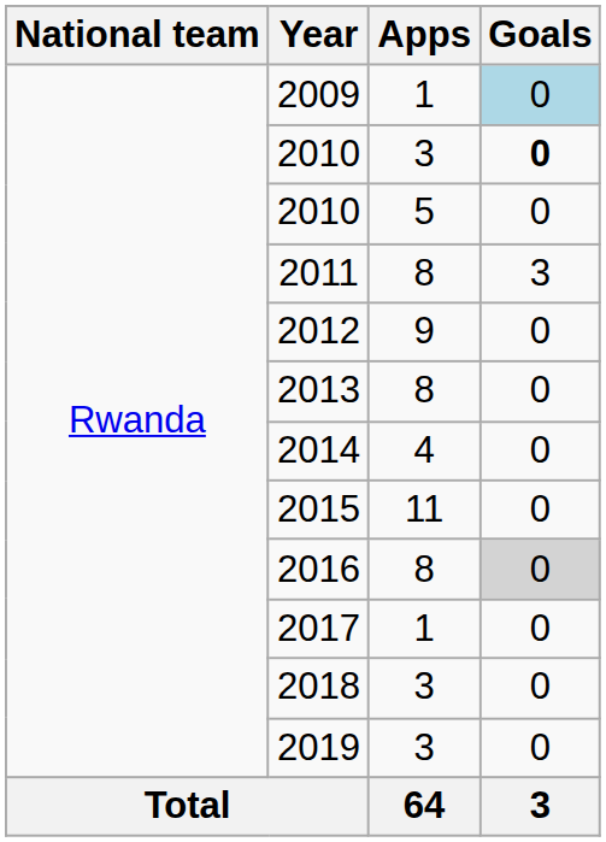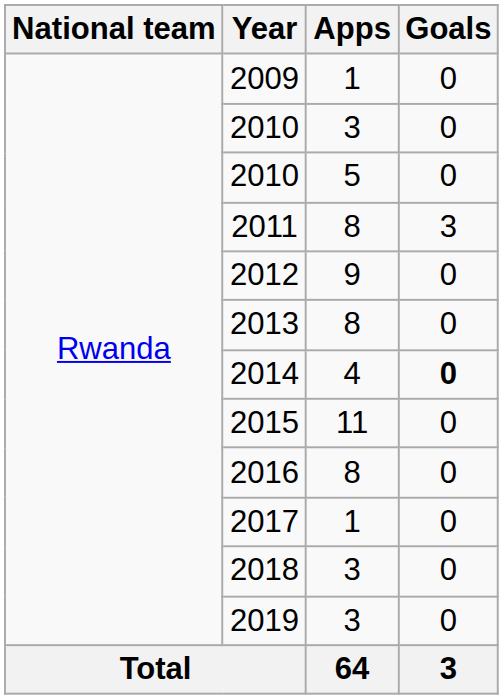 <table class="wikitable" style="text-align:center">
 <tr>
 <th>National team</th>
 <th>Year</th>
 <th>Apps</th>
 <th>Goals</th>
 </tr>
 <tr>
 <td rowspan="12"><a href='#'>Rwanda</a></td>
 <td>2009</td>
 <td>1</td>
-<td style="background: lightblue;">0</td>
+<td>0</td>
 </tr>
 <tr>
 <td>2010</td>
 <td>3</td>
-<td><strong>0</strong></td>
+<td>0</td>
 </tr>
 <tr>
 <td>2010</td>
 <td>5</td>
 <td>0</td>
 </tr>
 <tr>
 <td>2011</td>
 <td>8</td>
 <td>3</td>
 </tr>
 <tr>
 <td>2012</td>
 <td>9</td>
 <td>0</td>
 </tr>
 <tr>
 <td>2013</td>
 <td>8</td>
 <td>0</td>
 </tr>
 <tr>
 <td>2014</td>
 <td>4</td>
-<td>0</td>
+<td><strong>0</strong></td>
 </tr>
 <tr>
 <td>2015</td>
 <td>11</td>
 <td>0</td>
 </tr>
 <tr>
 <td>2016</td>
 <td>8</td>
-<td style="background: lightgrey;">0</td>
+<td>0</td>
 </tr>
 <tr>
 <td>2017</td>
 <td>1</td>
 <td>0</td>
 </tr>
 <tr>
 <td>2018</td>
 <td>3</td>
 <td>0</td>
 </tr>
 <tr>
 <td>2019</td>
 <td>3</td>
 <td>0</td>
 </tr>
 <tr>
 <th colspan="2">Total</th>
 <th>64</th>
 <th>3</th>
 </tr>
 </table>
